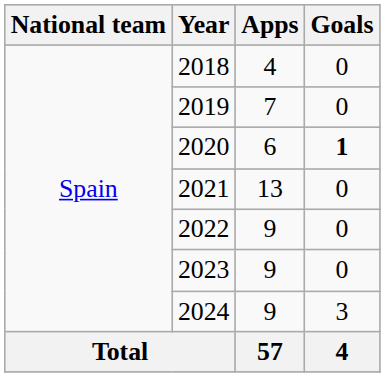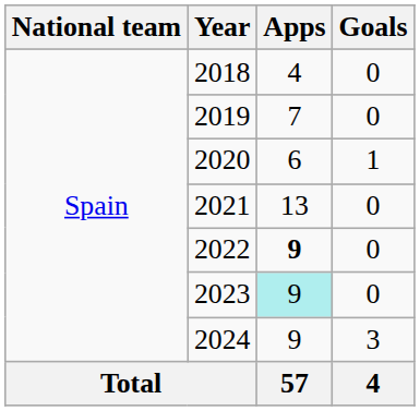 <table class="wikitable" style="text-align: center;">
 <tr>
 <th>National team</th>
 <th>Year</th>
 <th>Apps</th>
 <th>Goals</th>
 </tr>
 <tr>
 <td rowspan="7"><a href='#'>Spain</a></td>
 <td>2018</td>
 <td>4</td>
 <td>0</td>
 </tr>
 <tr>
 <td>2019</td>
 <td>7</td>
 <td>0</td>
 </tr>
 <tr>
 <td>2020</td>
 <td>6</td>
-<td><strong>1</strong></td>
+<td>1</td>
 </tr>
 <tr>
 <td>2021</td>
 <td>13</td>
 <td>0</td>
 </tr>
 <tr>
 <td>2022</td>
-<td>9</td>
+<td><strong>9</strong></td>
 <td>0</td>
 </tr>
 <tr>
 <td>2023</td>
-<td>9</td>
+<td style="background: paleturquoise;">9</td>
 <td>0</td>
 </tr>
 <tr>
 <td>2024</td>
 <td>9</td>
 <td>3</td>
 </tr>
 <tr>
 <th colspan="2">Total</th>
 <th>57</th>
 <th>4</th>
 </tr>
 </table>
